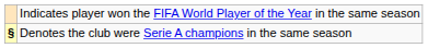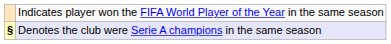 <table class="wikitable plainrowheaders">
 <tr>
 <th scope="row" style="text-align:center; background:#FFE6BD"></th>
 <td>Indicates player won the <a href='#'>FIFA World Player of the Year</a> in the same season</td>
 </tr>
 <tr>
 <th scope="row" style="text-align:center; background:#ffb">§</th>
-<td>Denotes the club were <a href='#'>Serie A champions</a> in the same season</td>
+<td style="background: lavender;">Denotes the club were <a href='#'>Serie A champions</a> in the same season</td>
 </tr>
 </table>
